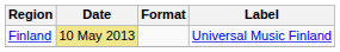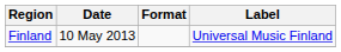 <table class=wikitable>
 <tr>
 <th>Region</th>
 <th>Date</th>
 <th>Format</th>
 <th>Label</th>
 </tr>
 <tr>
 <td><a href='#'>Finland</a></td>
-<td style="background: khaki;">10 May 2013</td>
+<td>10 May 2013</td>
 <td></td>
 <td><a href='#'>Universal Music Finland</a></td>
 </tr>
 <tr>
 </tr>
 </table>
